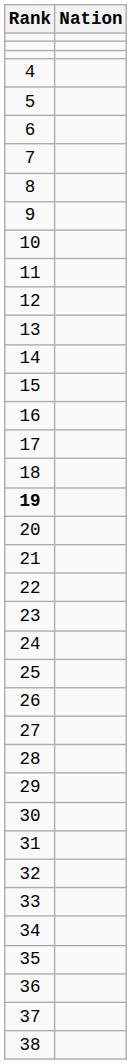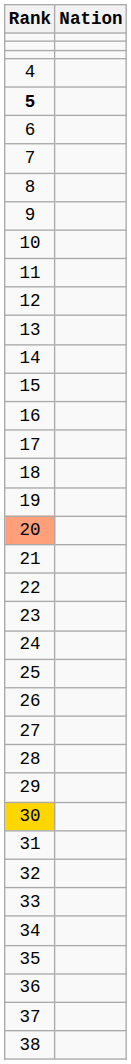 <table class="wikitable sortable" style="text-align:left">
 <tr>
 <th>Rank</th>
 <th>Nation</th>
 </tr>
 <tr>
 <td align="center"></td>
 <td></td>
 </tr>
 <tr>
 <td align="center"></td>
 <td></td>
 </tr>
 <tr>
 <td align="center"></td>
 <td></td>
 </tr>
 <tr>
 <td align="center">4</td>
 <td></td>
 </tr>
 <tr>
-<td align="center">5</td>
+<td align="center"><strong>5</strong></td>
 <td></td>
 </tr>
 <tr>
 <td align="center">6</td>
 <td></td>
 </tr>
 <tr>
 <td align="center">7</td>
 <td></td>
 </tr>
 <tr>
 <td align="center">8</td>
 <td></td>
 </tr>
 <tr>
 <td align="center">9</td>
 <td></td>
 </tr>
 <tr>
 <td align="center">10</td>
 <td></td>
 </tr>
 <tr>
 <td align="center">11</td>
 <td></td>
 </tr>
 <tr>
 <td align="center">12</td>
 <td></td>
 </tr>
 <tr>
 <td align="center">13</td>
 <td></td>
 </tr>
 <tr>
 <td align="center">14</td>
 <td></td>
 </tr>
 <tr>
 <td align="center">15</td>
 <td></td>
 </tr>
 <tr>
 <td align="center">16</td>
 <td></td>
 </tr>
 <tr>
 <td align="center">17</td>
 <td></td>
 </tr>
 <tr>
 <td align="center">18</td>
 <td></td>
 </tr>
 <tr>
-<td align="center"><strong>19</strong></td>
+<td align="center">19</td>
 <td></td>
 </tr>
 <tr>
-<td align="center">20</td>
+<td align="center" style="background: lightsalmon;">20</td>
 <td></td>
 </tr>
 <tr>
 <td align="center">21</td>
 <td></td>
 </tr>
 <tr>
 <td align="center">22</td>
 <td></td>
 </tr>
 <tr>
 <td align="center">23</td>
 <td></td>
 </tr>
 <tr>
 <td align="center">24</td>
 <td></td>
 </tr>
 <tr>
 <td align="center">25</td>
 <td></td>
 </tr>
 <tr>
 <td align="center">26</td>
 <td></td>
 </tr>
 <tr>
 <td align="center">27</td>
 <td></td>
 </tr>
 <tr>
 <td align="center">28</td>
 <td></td>
 </tr>
 <tr>
 <td align="center">29</td>
 <td></td>
 </tr>
 <tr>
-<td align="center">30</td>
+<td align="center" style="background: gold;">30</td>
 <td></td>
 </tr>
 <tr>
 <td align="center">31</td>
 <td></td>
 </tr>
 <tr>
 <td align="center">32</td>
 <td></td>
 </tr>
 <tr>
 <td align="center">33</td>
 <td></td>
 </tr>
 <tr>
 <td align="center">34</td>
 <td></td>
 </tr>
 <tr>
 <td align="center">35</td>
 <td></td>
 </tr>
 <tr>
 <td align="center">36</td>
 <td></td>
 </tr>
 <tr>
 <td align="center">37</td>
 <td></td>
 </tr>
 <tr>
 <td align="center">38</td>
 <td></td>
 </tr>
 </table>
